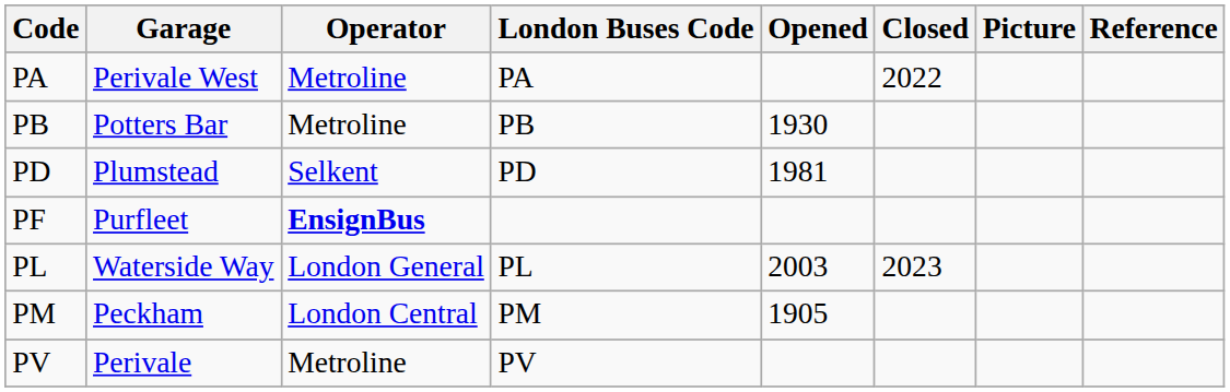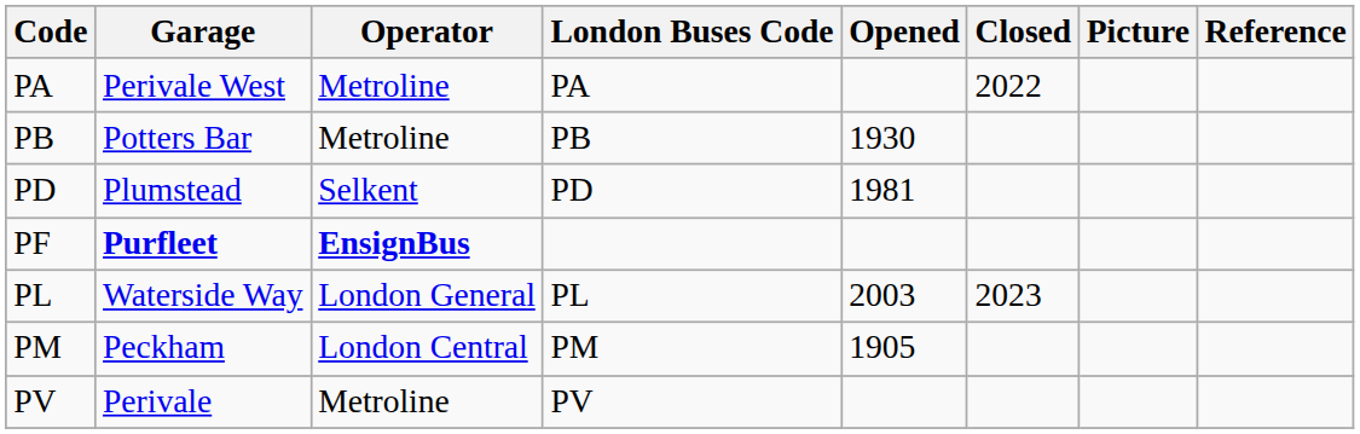 <table class="wikitable">
 <tr>
 <th>Code</th>
 <th>Garage</th>
 <th>Operator</th>
 <th>London Buses Code</th>
 <th>Opened</th>
 <th>Closed</th>
 <th>Picture</th>
 <th>Reference</th>
 </tr>
 <tr>
 <td>PA</td>
 <td><a href='#'>Perivale West</a></td>
 <td><a href='#'>Metroline</a></td>
 <td>PA</td>
 <td></td>
 <td>2022</td>
 <td></td>
 <td></td>
 </tr>
 <tr>
 <td>PB</td>
 <td><a href='#'>Potters Bar</a></td>
 <td>Metroline</td>
 <td>PB</td>
 <td>1930</td>
 <td></td>
 <td></td>
 <td></td>
 </tr>
 <tr>
 <td>PD</td>
 <td><a href='#'>Plumstead</a></td>
 <td><a href='#'>Selkent</a></td>
 <td>PD</td>
 <td>1981</td>
 <td></td>
 <td></td>
 <td></td>
 </tr>
 <tr>
 <td>PF</td>
-<td><a href='#'>Purfleet</a></td>
+<td><strong><a href='#'>Purfleet</a></strong></td>
 <td><strong><a href='#'>EnsignBus</a></strong></td>
 <td></td>
 <td></td>
 <td></td>
 <td></td>
 </tr>
 <tr>
 <td>PL</td>
 <td><a href='#'>Waterside Way</a></td>
 <td><a href='#'>London General</a></td>
 <td>PL</td>
 <td>2003</td>
 <td>2023</td>
 <td></td>
 <td></td>
 </tr>
 <tr>
 <td>PM</td>
 <td><a href='#'>Peckham</a></td>
 <td><a href='#'>London Central</a></td>
 <td>PM</td>
 <td>1905</td>
 <td></td>
 <td></td>
 <td></td>
 </tr>
 <tr>
 <td>PV</td>
 <td><a href='#'>Perivale</a></td>
 <td>Metroline</td>
 <td>PV</td>
 <td></td>
 <td></td>
 <td></td>
 <td></td>
 </tr>
 </table>
